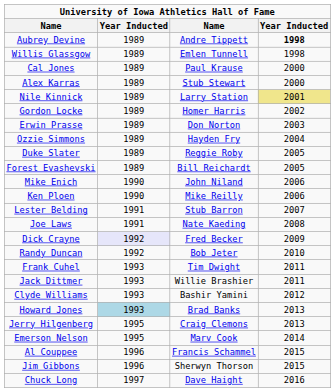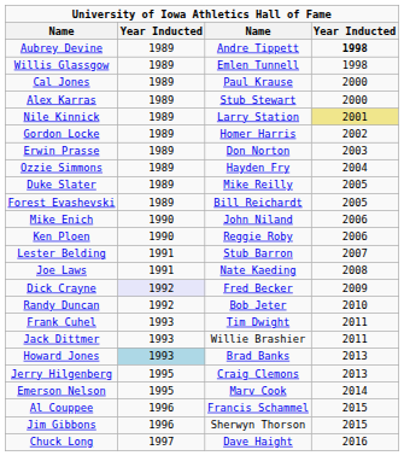 <table class="wikitable sortable" style="text-align:center">
 <tr>
 <td colspan="4"><strong>University of Iowa Athletics Hall of Fame</strong></td>
 </tr>
 <tr>
 <th>Name</th>
 <th>Year Inducted</th>
 <th>Name</th>
 <th>Year Inducted</th>
 </tr>
 <tr>
 <td><a href='#'>Aubrey Devine</a></td>
 <td>1989</td>
 <td><a href='#'>Andre Tippett</a></td>
 <td><strong>1998</strong></td>
 </tr>
 <tr>
 <td><a href='#'>Willis Glassgow</a></td>
 <td>1989</td>
 <td><a href='#'>Emlen Tunnell</a></td>
 <td>1998</td>
 </tr>
 <tr>
 <td><a href='#'>Cal Jones</a></td>
 <td>1989</td>
 <td><a href='#'>Paul Krause</a></td>
 <td>2000</td>
 </tr>
 <tr>
 <td><a href='#'>Alex Karras</a></td>
 <td>1989</td>
 <td><a href='#'>Stub Stewart</a></td>
 <td>2000</td>
 </tr>
 <tr>
 <td><a href='#'>Nile Kinnick</a></td>
 <td>1989</td>
 <td><a href='#'>Larry Station</a></td>
 <td style="background: khaki;">2001</td>
 </tr>
 <tr>
 <td><a href='#'>Gordon Locke</a></td>
 <td>1989</td>
 <td><a href='#'>Homer Harris</a></td>
 <td>2002</td>
 </tr>
 <tr>
 <td><a href='#'>Erwin Prasse</a></td>
 <td>1989</td>
 <td><a href='#'>Don Norton</a></td>
 <td>2003</td>
 </tr>
 <tr>
 <td><a href='#'>Ozzie Simmons</a></td>
 <td>1989</td>
 <td><a href='#'>Hayden Fry</a></td>
 <td>2004</td>
 </tr>
 <tr>
 <td><a href='#'>Duke Slater</a></td>
 <td>1989</td>
-<td><a href='#'>Reggie Roby</a></td>
+<td><a href='#'>Mike Reilly</a></td>
 <td>2005</td>
 </tr>
 <tr>
 <td><a href='#'>Forest Evashevski</a></td>
 <td>1989</td>
 <td><a href='#'>Bill Reichardt</a></td>
 <td>2005</td>
 </tr>
 <tr>
 <td><a href='#'>Mike Enich</a></td>
 <td>1990</td>
 <td><a href='#'>John Niland</a></td>
 <td>2006</td>
 </tr>
 <tr>
 <td><a href='#'>Ken Ploen</a></td>
 <td>1990</td>
-<td><a href='#'>Mike Reilly</a></td>
+<td><a href='#'>Reggie Roby</a></td>
 <td>2006</td>
 </tr>
 <tr>
 <td><a href='#'>Lester Belding</a></td>
 <td>1991</td>
 <td><a href='#'>Stub Barron</a></td>
 <td>2007</td>
 </tr>
 <tr>
 <td><a href='#'>Joe Laws</a></td>
 <td>1991</td>
 <td><a href='#'>Nate Kaeding</a></td>
 <td>2008</td>
 </tr>
 <tr>
 <td><a href='#'>Dick Crayne</a></td>
 <td style="background: lavender;">1992</td>
 <td><a href='#'>Fred Becker</a></td>
 <td>2009</td>
 </tr>
 <tr>
 <td><a href='#'>Randy Duncan</a></td>
 <td>1992</td>
 <td><a href='#'>Bob Jeter</a></td>
 <td>2010</td>
 </tr>
 <tr>
 <td><a href='#'>Frank Cuhel</a></td>
 <td>1993</td>
 <td><a href='#'>Tim Dwight</a></td>
 <td>2011</td>
 </tr>
 <tr>
 <td><a href='#'>Jack Dittmer</a></td>
 <td>1993</td>
 <td>Willie Brashier</td>
 <td>2011</td>
 </tr>
 <tr>
-<td><a href='#'>Clyde Williams</a></td>
-<td>1993</td>
-<td>Bashir Yamini</td>
-<td>2012</td>
-</tr>
-<tr>
 <td><a href='#'>Howard Jones</a></td>
 <td style="background: lightblue;">1993</td>
 <td><a href='#'>Brad Banks</a></td>
 <td>2013</td>
 </tr>
 <tr>
 <td><a href='#'>Jerry Hilgenberg</a></td>
 <td>1995</td>
 <td><a href='#'>Craig Clemons</a></td>
 <td>2013</td>
 </tr>
 <tr>
 <td><a href='#'>Emerson Nelson</a></td>
 <td>1995</td>
 <td><a href='#'>Marv Cook</a></td>
 <td>2014</td>
 </tr>
 <tr>
 <td><a href='#'>Al Couppee</a></td>
 <td>1996</td>
 <td><a href='#'>Francis Schammel</a></td>
 <td>2015</td>
 </tr>
 <tr>
 <td><a href='#'>Jim Gibbons</a></td>
 <td>1996</td>
 <td>Sherwyn Thorson</td>
 <td>2015</td>
 </tr>
 <tr>
 <td><a href='#'>Chuck Long</a></td>
 <td>1997</td>
 <td><a href='#'>Dave Haight</a></td>
 <td>2016</td>
 </tr>
 </table>
